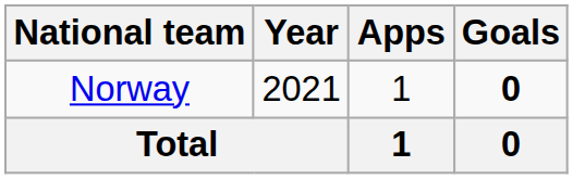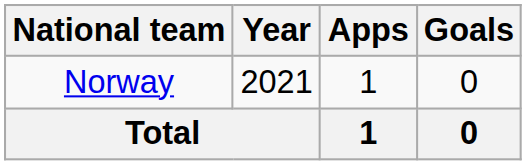 <table class="wikitable" style="text-align:center">
 <tr>
 <th>National team</th>
 <th>Year</th>
 <th>Apps</th>
 <th>Goals</th>
 </tr>
 <tr>
 <td rowspan=1><a href='#'>Norway</a></td>
 <td>2021</td>
 <td>1</td>
-<td><strong>0</strong></td>
+<td>0</td>
 </tr>
 <tr>
 <th colspan="2">Total</th>
 <th>1</th>
 <th>0</th>
 </tr>
 </table>
